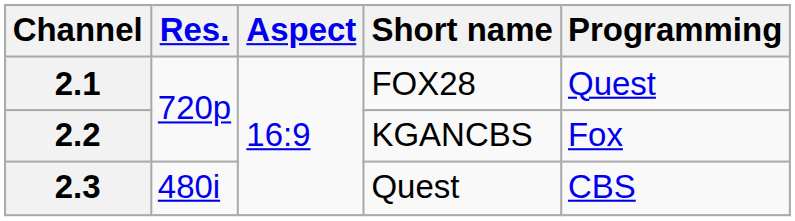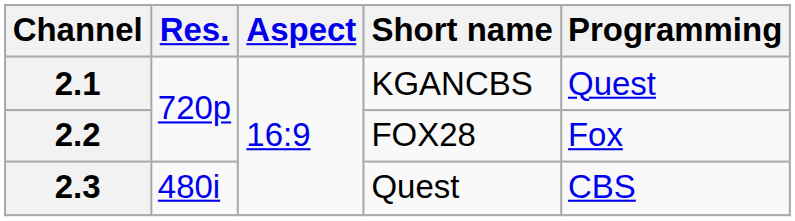 <table class="wikitable">
 <tr>
 <th scope = "col">Channel</th>
 <th scope = "col"><a href='#'>Res.</a></th>
 <th scope = "col"><a href='#'>Aspect</a></th>
 <th scope = "col">Short name</th>
 <th scope = "col">Programming</th>
 </tr>
 <tr>
 <th scope = "row">2.1</th>
 <td rowspan=2><a href='#'>720p</a></td>
 <td rowspan=3><a href='#'>16:9</a></td>
-<td>FOX28</td>
+<td>KGANCBS</td>
 <td><a href='#'>Quest</a></td>
 </tr>
 <tr>
 <th scope = "row">2.2</th>
-<td>KGANCBS</td>
+<td>FOX28</td>
 <td><a href='#'>Fox</a></td>
 </tr>
 <tr>
 <th scope = "row">2.3</th>
 <td><a href='#'>480i</a></td>
 <td>Quest</td>
 <td><a href='#'>CBS</a></td>
 </tr>
 </table>
